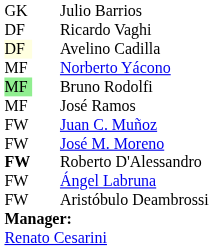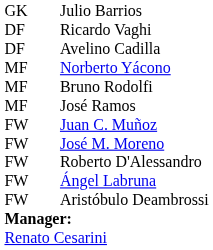 <table style="font-size:90%; margin:0.2em auto;" cellspacing="0" cellpadding="0">
 <tr>
 <th width="25"></th>
 <th width="25"></th>
 </tr>
 <tr>
 <td>GK</td>
 <td></td>
 <td> Julio Barrios</td>
 </tr>
 <tr>
 <td>DF</td>
 <td></td>
 <td> Ricardo Vaghi</td>
 </tr>
 <tr>
-<td style="background: lightyellow;">DF</td>
+<td>DF</td>
 <td></td>
 <td> Avelino Cadilla</td>
 </tr>
 <tr>
 <td>MF</td>
 <td></td>
 <td> <a href='#'>Norberto Yácono</a></td>
 </tr>
 <tr>
-<td style="background: lightgreen;">MF</td>
+<td>MF</td>
 <td></td>
 <td> Bruno Rodolfi</td>
 </tr>
 <tr>
 <td>MF</td>
 <td></td>
 <td> José Ramos</td>
 </tr>
 <tr>
 <td>FW</td>
 <td></td>
 <td> <a href='#'>Juan C. Muñoz</a></td>
 </tr>
 <tr>
 <td>FW</td>
 <td></td>
 <td> <a href='#'>José M. Moreno</a></td>
 </tr>
 <tr>
-<td><strong>FW</strong></td>
+<td>FW</td>
 <td></td>
 <td> Roberto D'Alessandro</td>
 </tr>
 <tr>
 <td>FW</td>
 <td></td>
 <td> <a href='#'>Ángel Labruna</a></td>
 </tr>
 <tr>
 <td>FW</td>
 <td></td>
 <td> Aristóbulo Deambrossi</td>
 </tr>
 <tr>
 <td colspan=3><strong>Manager:</strong></td>
 </tr>
 <tr>
 <td colspan=4> <a href='#'>Renato Cesarini</a></td>
 </tr>
 </table>
